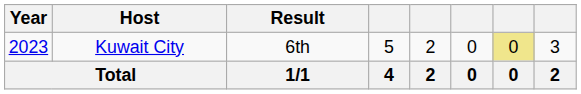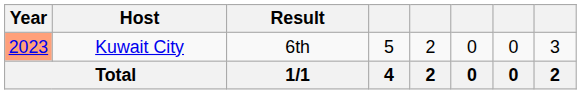 <table class="wikitable" style="text-align:center">
 <tr>
 <th width=30>Year</th>
 <th width=150>Host</th>
 <th width=120>Result</th>
 <th width=30></th>
 <th width=30></th>
 <th width=30></th>
 <th width=30></th>
 <th width=30></th>
 </tr>
 <tr>
-<td><a href='#'>2023</a></td>
+<td style="background: lightsalmon;"><a href='#'>2023</a></td>
 <td> <a href='#'>Kuwait City</a></td>
 <td>6th</td>
 <td>5</td>
 <td>2</td>
 <td>0</td>
-<td style="background: khaki;">0</td>
+<td>0</td>
 <td>3</td>
 </tr>
 <tr>
 <th colspan=2>Total</th>
 <th>1/1</th>
 <th>4</th>
 <th>2</th>
 <th>0</th>
 <th>0</th>
 <th>2</th>
 </tr>
 </table>
